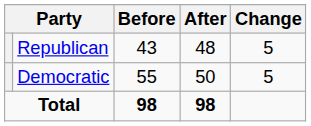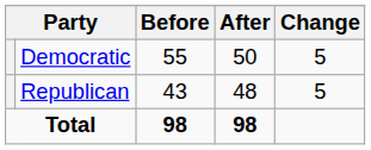 <table class="wikitable" style="text-align:center;">
 <tr>
 </tr>
 <tr>
 <th colspan=2>Party</th>
 <th>Before</th>
 <th>After</th>
 <th>Change</th>
 </tr>
 <tr>
 <th style="background-color:"></th>
-<td style="text-align:left;"><a href='#'>Republican</a></td>
-<td>43</td>
-<td>48</td>
+<td style="text-align:left;"><a href='#'>Democratic</a></td>
+<td>55</td>
+<td>50</td>
 <td> 5</td>
 </tr>
 <tr>
 <th style="background-color:"></th>
-<td style="text-align:left;"><a href='#'>Democratic</a></td>
-<td>55</td>
-<td>50</td>
+<td style="text-align:left;"><a href='#'>Republican</a></td>
+<td>43</td>
+<td>48</td>
 <td> 5</td>
 </tr>
 <tr>
 <td colspan=2><strong>Total</strong></td>
 <td><strong>98</strong></td>
 <td><strong>98</strong></td>
 <td></td>
 </tr>
 </table>
